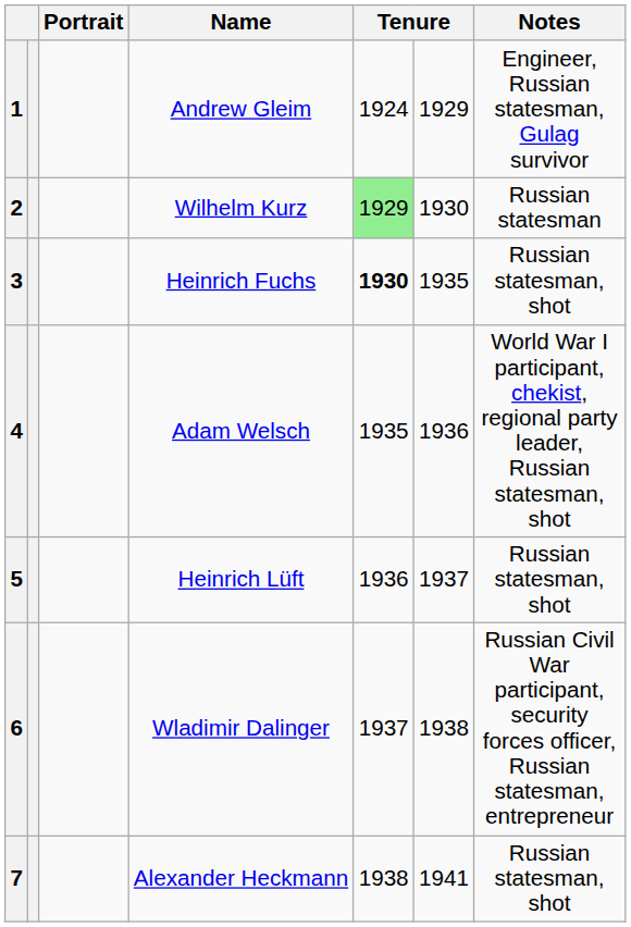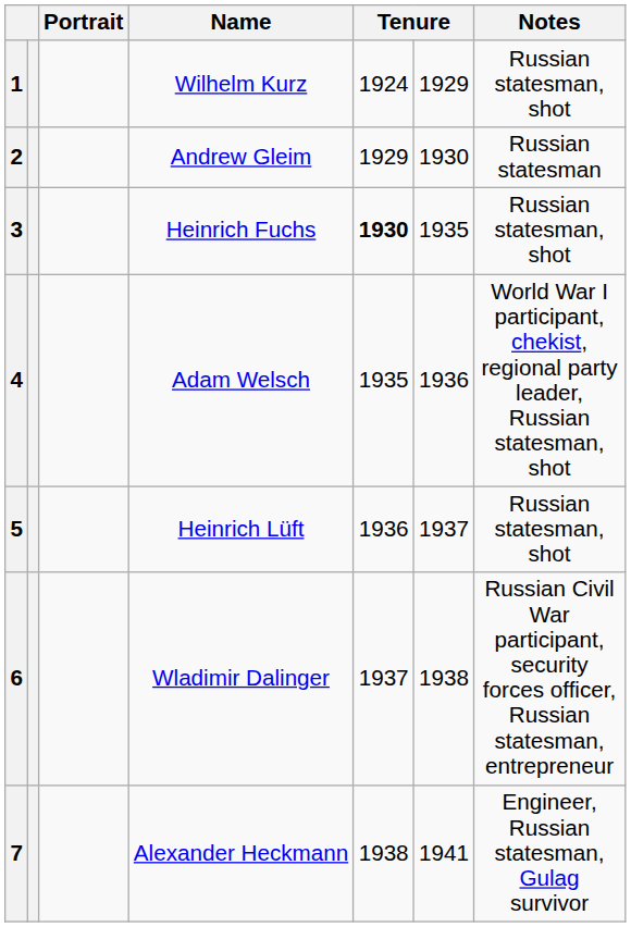 <table class="wikitable" style="text-align:center">
 <tr>
 <th colspan=2></th>
 <th>Portrait</th>
 <th>Name<br></th>
 <th colspan=2>Tenure</th>
 <th width=100>Notes</th>
 </tr>
 <tr>
 <th>1</th>
 <th style="background:"></th>
 <td></td>
-<td><a href='#'>Andrew Gleim</a><br></td>
+<td><a href='#'>Wilhelm Kurz</a><br></td>
 <td>1924</td>
 <td>1929</td>
-<td>Engineer, Russian statesman, <a href='#'>Gulag</a> survivor</td>
+<td>Russian statesman, shot</td>
 </tr>
 <tr>
 <th>2</th>
 <th style="background:"></th>
 <td></td>
-<td><a href='#'>Wilhelm Kurz</a><br></td>
-<td style="background: lightgreen;">1929</td>
+<td><a href='#'>Andrew Gleim</a><br></td>
+<td>1929</td>
 <td>1930</td>
 <td>Russian statesman</td>
 </tr>
 <tr>
 <th>3</th>
 <th style="background:"></th>
 <td></td>
 <td><a href='#'>Heinrich Fuchs</a><br></td>
 <td><strong>1930</strong></td>
 <td>1935</td>
 <td>Russian statesman, shot</td>
 </tr>
 <tr>
 <th>4</th>
 <th style="background:"></th>
 <td></td>
 <td><a href='#'>Adam Welsch</a><br></td>
 <td>1935</td>
 <td>1936</td>
 <td>World War I participant, <a href='#'>chekist</a>, regional party leader, Russian statesman, shot</td>
 </tr>
 <tr>
 <th>5</th>
 <th style="background:"></th>
 <td></td>
 <td><a href='#'>Heinrich Lüft</a><br></td>
 <td>1936</td>
 <td>1937</td>
 <td>Russian statesman, shot</td>
 </tr>
 <tr>
 <th>6</th>
 <th style="background:"></th>
 <td></td>
 <td><a href='#'>Wladimir Dalinger</a><br></td>
 <td>1937</td>
 <td>1938</td>
 <td>Russian Civil War participant, security forces officer, Russian statesman, entrepreneur</td>
 </tr>
 <tr>
 <th>7</th>
 <th style="background:"></th>
 <td></td>
 <td><a href='#'>Alexander Heckmann</a><br></td>
 <td>1938</td>
 <td>1941</td>
-<td>Russian statesman, shot</td>
+<td>Engineer, Russian statesman, <a href='#'>Gulag</a> survivor</td>
 </tr>
 </table>
